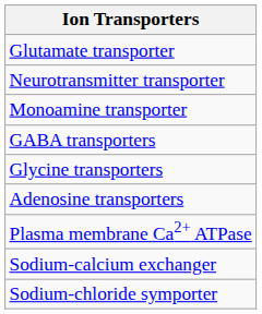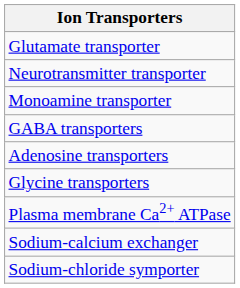 <table class="wikitable">
 <tr>
 <th>Ion Transporters</th>
 </tr>
 <tr>
 <td><a href='#'>Glutamate transporter</a></td>
 </tr>
 <tr>
 <td><a href='#'>Neurotransmitter transporter</a></td>
 </tr>
 <tr>
 <td><a href='#'>Monoamine transporter</a></td>
 </tr>
 <tr>
 <td><a href='#'>GABA transporters</a></td>
 </tr>
 <tr>
-<td><a href='#'>Glycine transporters</a></td>
+<td><a href='#'>Adenosine transporters</a></td>
 </tr>
 <tr>
-<td><a href='#'>Adenosine transporters</a></td>
+<td><a href='#'>Glycine transporters</a></td>
 </tr>
 <tr>
 <td><a href='#'>Plasma membrane Ca<sup>2+</sup> ATPase</a></td>
 </tr>
 <tr>
 <td><a href='#'>Sodium-calcium exchanger</a></td>
 </tr>
 <tr>
 <td><a href='#'>Sodium-chloride symporter</a></td>
 </tr>
 </table>
